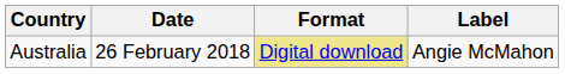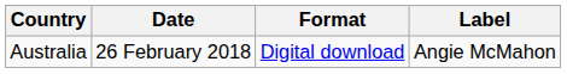 <table class="wikitable plainrowheaders">
 <tr>
 <th scope="col">Country</th>
 <th scope="col">Date</th>
 <th scope="col">Format</th>
 <th scope="col">Label</th>
 </tr>
 <tr>
 <td rowspan="3">Australia</td>
 <td>26 February 2018</td>
-<td style="background: khaki;"><a href='#'>Digital download</a></td>
+<td><a href='#'>Digital download</a></td>
 <td>Angie McMahon</td>
 </tr>
 </table>
